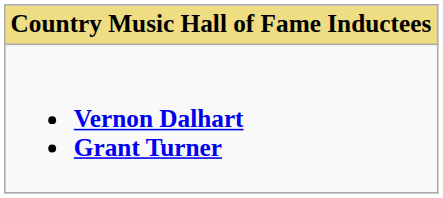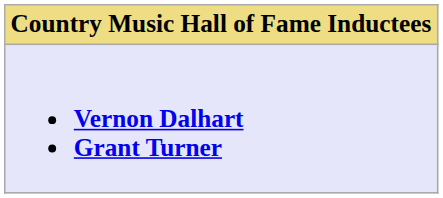 <table class="wikitable">
 <tr>
 <th style="background:#EEDD82; width=50%">Country Music Hall of Fame Inductees</th>
 </tr>
 <tr>
-<td valign="top"><br><ul><li><strong><a href='#'>Vernon Dalhart</a></strong></li><li><strong><a href='#'>Grant Turner</a></strong></li></ul></td>
+<td valign="top" style="background: lavender;"><br><ul><li><strong><a href='#'>Vernon Dalhart</a></strong></li><li><strong><a href='#'>Grant Turner</a></strong></li></ul></td>
 </tr>
 </table>
